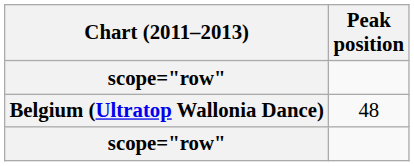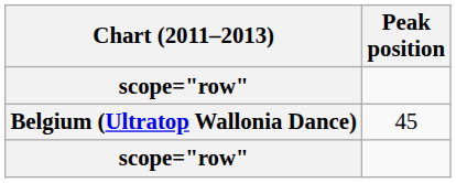 <table class="wikitable plainrowheaders" style="text-align:center;">
 <tr>
 <th scope="row">Chart (2011–2013)</th>
 <th scope="row">Peak<br>position</th>
 </tr>
 <tr>
 <th>scope="row" </th>
 </tr>
 <tr>
 <th scope="row">Belgium (<a href='#'>Ultratop</a> Wallonia Dance)</th>
-<td>48</td>
+<td>45</td>
 </tr>
 <tr>
 <th>scope="row" </th>
 </tr>
 </table>
